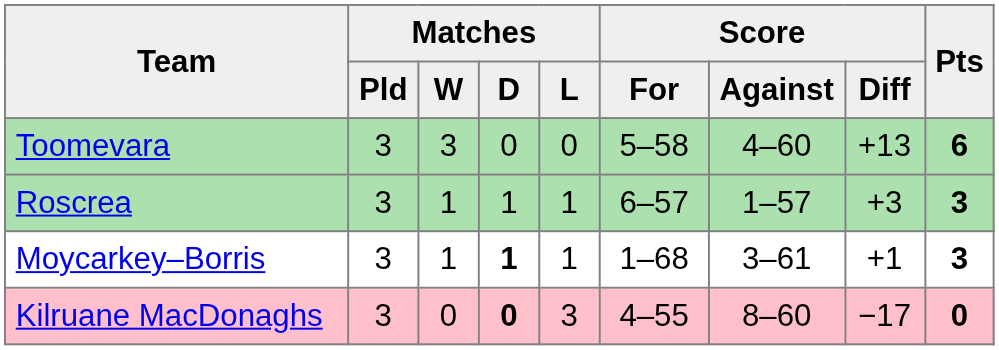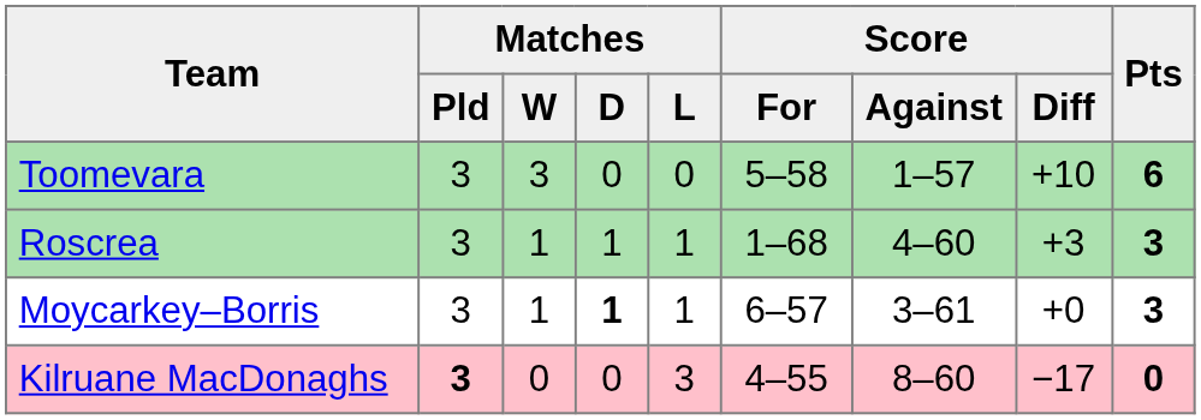 <table style=border-collapse:collapse border=1 cellspacing=0 cellpadding=5>
 <tr align=center bgcolor=#efefef>
 <th rowspan=2 width=165>Team</th>
 <th colspan=4>Matches</th>
 <th colspan=3>Score</th>
 <th rowspan=2width=20>Pts</th>
 </tr>
 <tr align=center bgcolor=#efefef>
 <th width=20>Pld</th>
 <th width=20>W</th>
 <th width=20>D</th>
 <th width=20>L</th>
 <th width=45>For</th>
 <th width=45>Against</th>
 <th width=30>Diff</th>
 </tr>
 <tr align=center style="background:#ACE1AF;">
 <td style="text-align:left;"> <a href='#'>Toomevara</a></td>
 <td>3</td>
 <td>3</td>
 <td>0</td>
 <td>0</td>
 <td>5–58</td>
-<td>4–60</td>
-<td>+13</td>
+<td>1–57</td>
+<td>+10</td>
 <td><strong>6</strong></td>
 </tr>
 <tr align=center style="background:#ACE1AF;">
 <td style="text-align:left;"> <a href='#'>Roscrea</a></td>
 <td>3</td>
 <td>1</td>
 <td>1</td>
 <td>1</td>
-<td>6–57</td>
-<td>1–57</td>
+<td>1–68</td>
+<td>4–60</td>
 <td>+3</td>
 <td><strong>3</strong></td>
 </tr>
 <tr align=center>
 <td style="text-align:left;"> <a href='#'>Moycarkey–Borris</a></td>
 <td>3</td>
 <td>1</td>
 <td><strong>1</strong></td>
 <td>1</td>
-<td>1–68</td>
+<td>6–57</td>
 <td>3–61</td>
-<td>+1</td>
+<td>+0</td>
 <td><strong>3</strong></td>
 </tr>
 <tr align=center style="background:#FFC0CB;">
 <td style="text-align:left;"> <a href='#'>Kilruane MacDonaghs</a></td>
-<td>3</td>
+<td><strong>3</strong></td>
 <td>0</td>
-<td><strong>0</strong></td>
+<td>0</td>
 <td>3</td>
 <td>4–55</td>
 <td>8–60</td>
 <td>−17</td>
 <td><strong>0</strong></td>
 </tr>
 </table>
